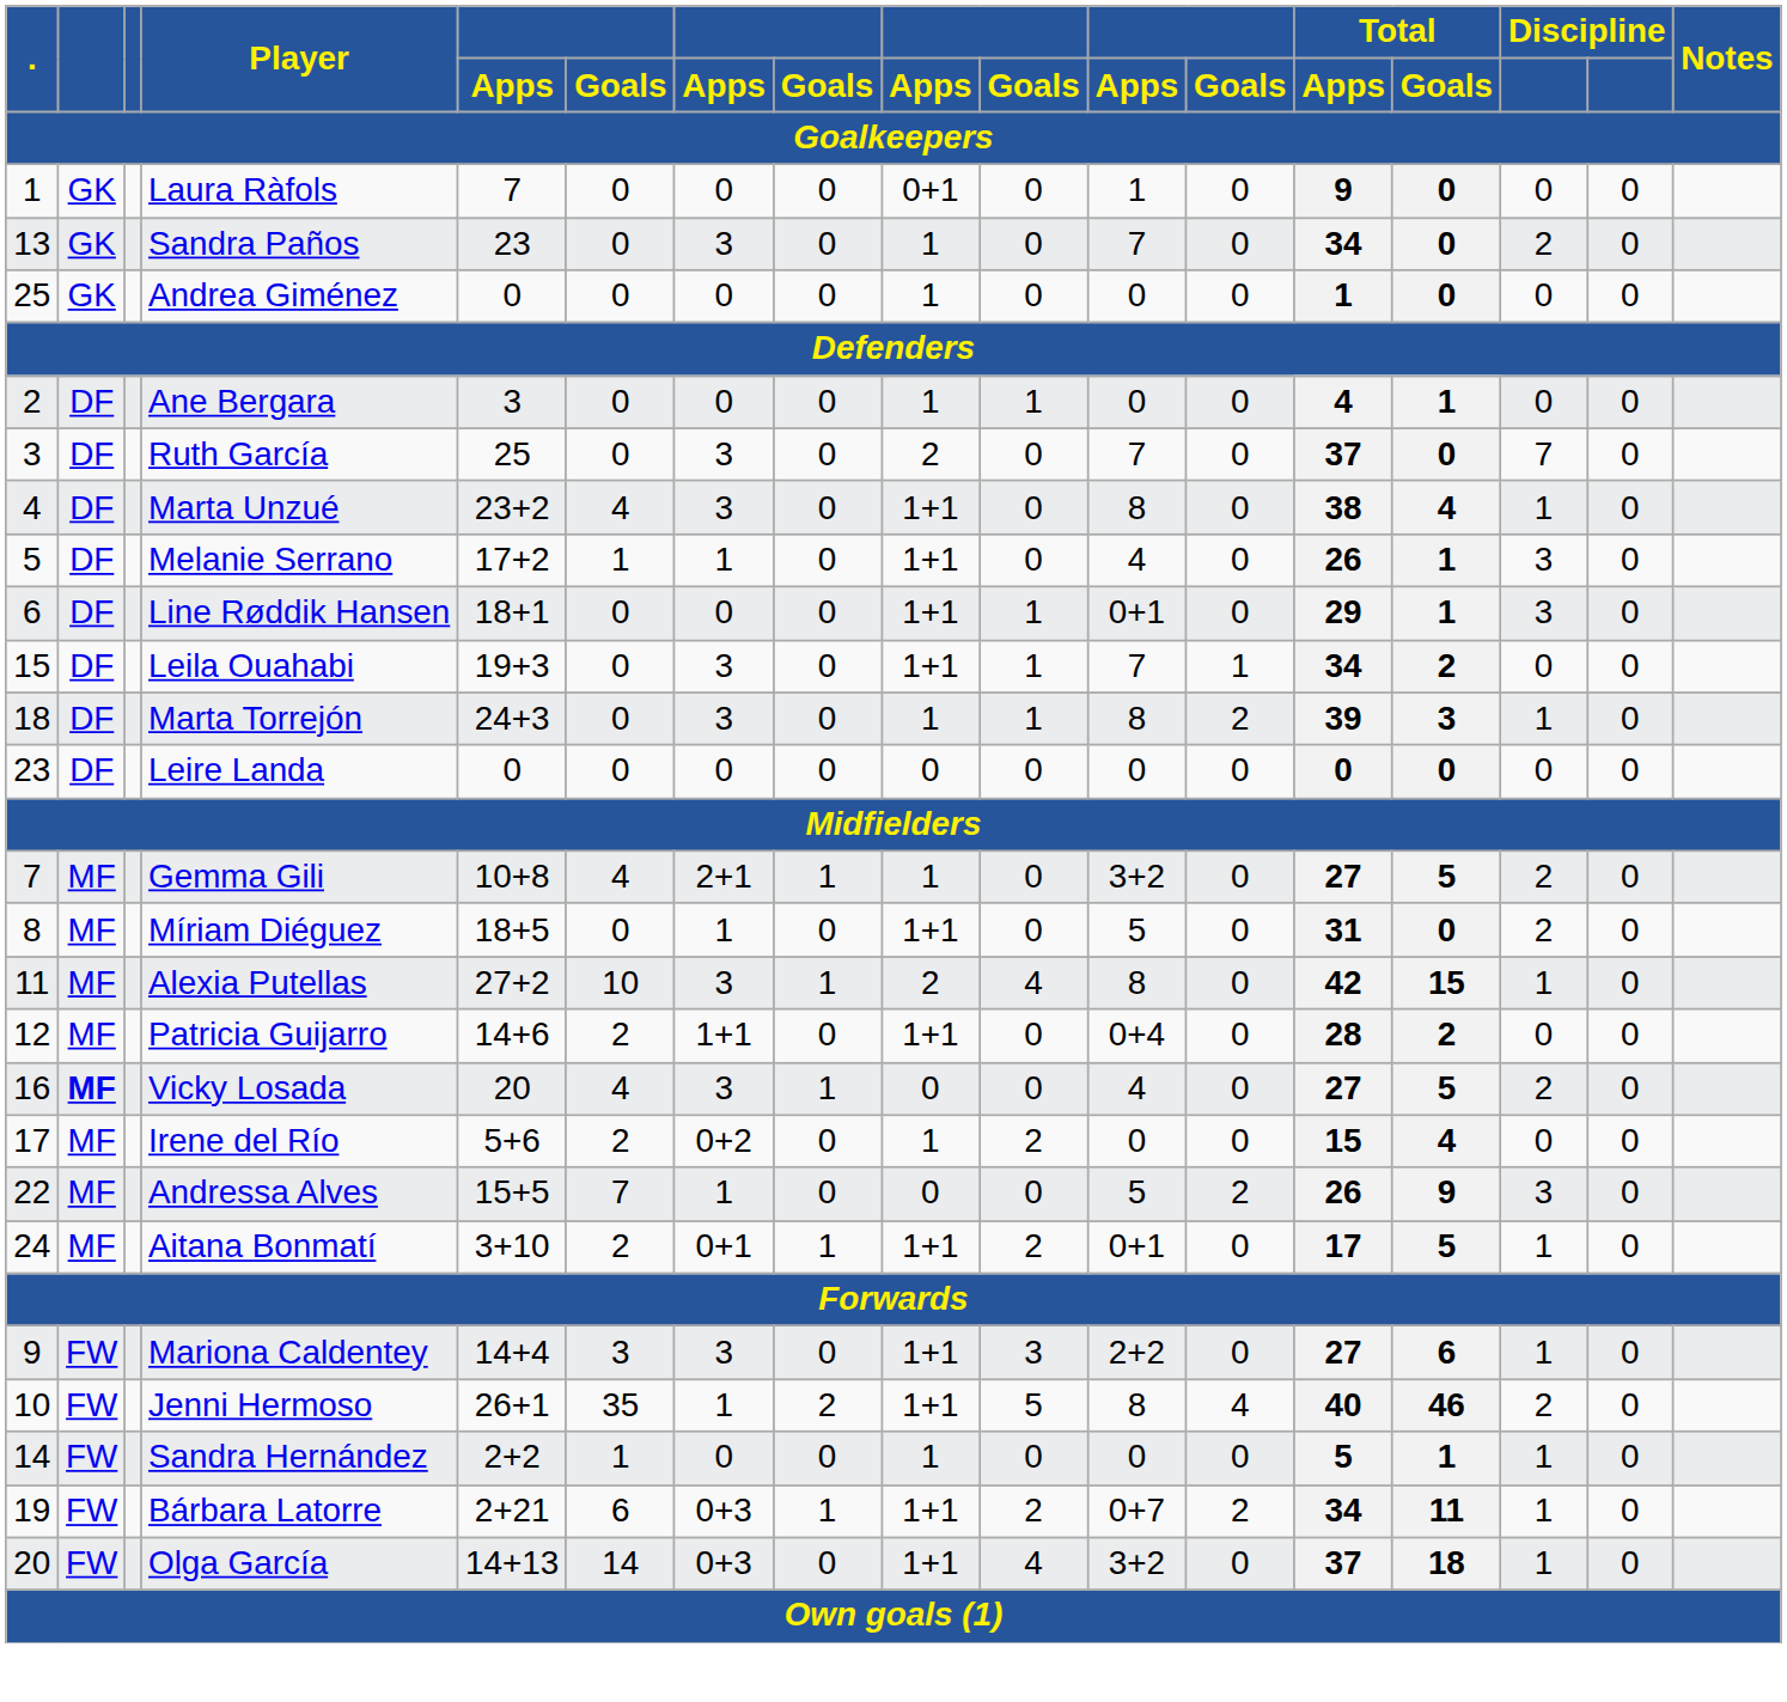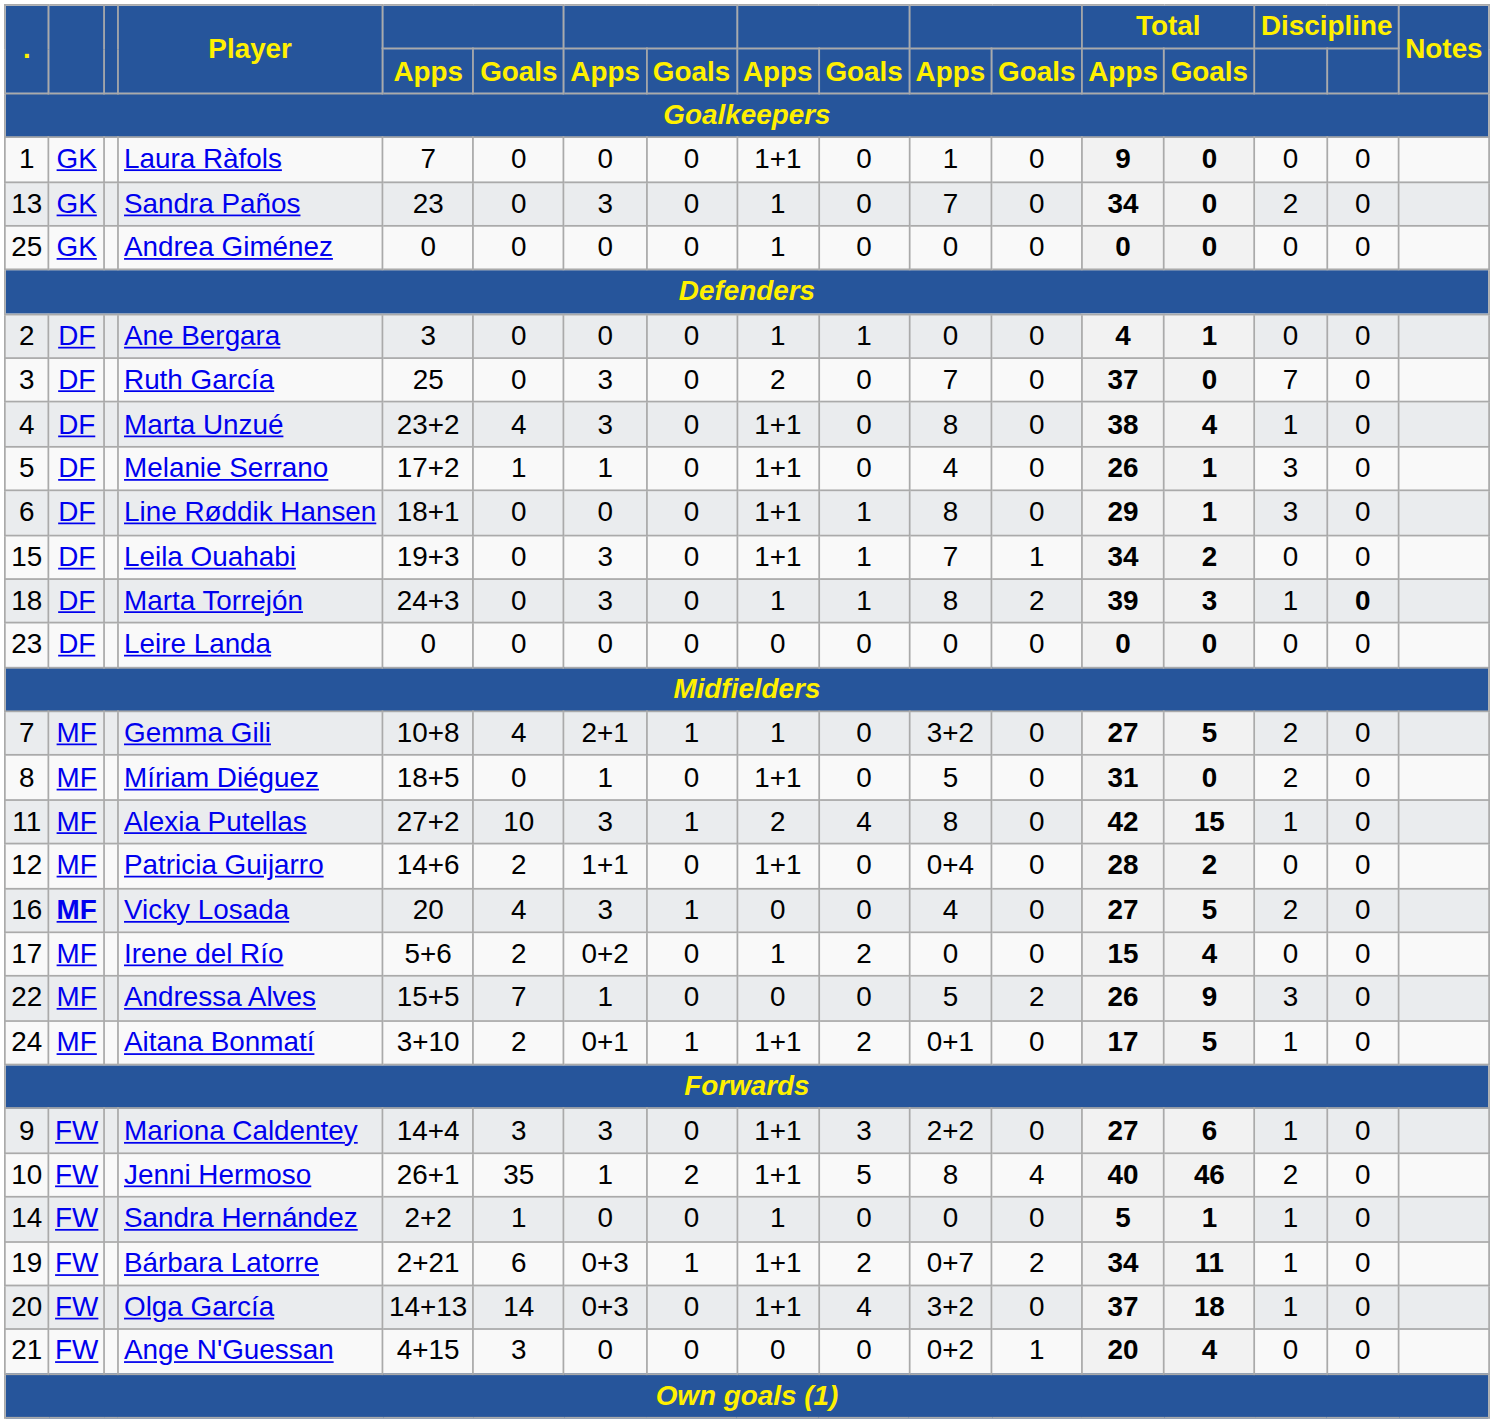 <table class="wikitable sortable alternance" style="text-align:center">
 <tr>
 <th rowspan="2" style="background:#26559B; color:#FFF000; ">.</th>
 <th rowspan="2" style="background:#26559B; color:#FFF000; "></th>
 <th rowspan="2" style="background:#26559B; color:#FFF000; "></th>
 <th rowspan="2" style="background:#26559B; color:#FFF000; ">Player</th>
 <th colspan="2" style="background:#26559B; color:#FFF000; "></th>
 <th colspan="2" style="background:#26559B; color:#FFF000; "></th>
 <th colspan="2" style="background:#26559B; color:#FFF000; "></th>
 <th colspan="2" style="background:#26559B; color:#FFF000; "></th>
 <th colspan="2" style="background:#26559B; color:#FFF000; ">Total</th>
 <th colspan="2" style="background:#26559B; color:#FFF000; ">Discipline</th>
 <th rowspan="2" style="background:#26559B; color:#FFF000; ">Notes</th>
 </tr>
 <tr>
 <th style="background:#26559B; color:#FFF000; ">Apps</th>
 <th style="background:#26559B; color:#FFF000; ">Goals</th>
 <th style="background:#26559B; color:#FFF000; ">Apps</th>
 <th style="background:#26559B; color:#FFF000; ">Goals</th>
 <th style="background:#26559B; color:#FFF000; ">Apps</th>
 <th style="background:#26559B; color:#FFF000; ">Goals</th>
 <th style="background:#26559B; color:#FFF000; ">Apps</th>
 <th style="background:#26559B; color:#FFF000; ">Goals</th>
 <th style="background:#26559B; color:#FFF000; ">Apps</th>
 <th style="background:#26559B; color:#FFF000; ">Goals</th>
 <th style="background:#26559B; color:#FFF000; "></th>
 <th style="background:#26559B; color:#FFF000; "></th>
 </tr>
 <tr>
 <th colspan="17" style="background:#26559B; color:#FFF000; "><em>Goalkeepers</em></th>
 </tr>
 <tr>
 <td>1</td>
 <td><a href='#'>GK</a></td>
 <td></td>
 <td align="left"><a href='#'>Laura Ràfols</a></td>
 <td>7</td>
 <td>0</td>
 <td>0</td>
 <td>0</td>
-<td>0+1</td>
+<td>1+1</td>
 <td>0</td>
 <td>1</td>
 <td>0</td>
 <th>9</th>
 <th><strong>0</strong></th>
 <td>0</td>
 <td>0</td>
 <td></td>
 </tr>
 <tr style="background:#eaecee">
 <td>13</td>
 <td><a href='#'>GK</a></td>
 <td></td>
 <td align="left"><a href='#'>Sandra Paños</a></td>
 <td>23</td>
 <td>0</td>
 <td>3</td>
 <td>0</td>
 <td>1</td>
 <td>0</td>
 <td>7</td>
 <td>0</td>
 <th>34</th>
 <th><strong>0</strong></th>
 <td>2</td>
 <td>0</td>
 <td></td>
 </tr>
 <tr>
 <td>25</td>
 <td><a href='#'>GK</a></td>
 <td></td>
 <td align="left"><a href='#'>Andrea Giménez</a></td>
 <td>0</td>
 <td>0</td>
 <td>0</td>
 <td>0</td>
 <td>1</td>
 <td>0</td>
 <td>0</td>
 <td>0</td>
-<th>1</th>
+<th>0</th>
 <th>0</th>
 <td>0</td>
 <td>0</td>
 <td></td>
 </tr>
 <tr>
 <th colspan="17" style="background:#26559B; color:#FFF000; "><em>Defenders</em></th>
 </tr>
 <tr style="background:#eaecee">
 <td>2</td>
 <td><a href='#'>DF</a></td>
 <td></td>
 <td align="left"><a href='#'>Ane Bergara</a></td>
 <td>3</td>
 <td>0</td>
 <td>0</td>
 <td>0</td>
 <td>1</td>
 <td>1</td>
 <td>0</td>
 <td>0</td>
 <th>4</th>
 <th>1</th>
 <td>0</td>
 <td>0</td>
 <td></td>
 </tr>
 <tr>
 <td>3</td>
 <td><a href='#'>DF</a></td>
 <td></td>
 <td align="left"><a href='#'>Ruth García</a></td>
 <td>25</td>
 <td>0</td>
 <td>3</td>
 <td>0</td>
 <td>2</td>
 <td>0</td>
 <td>7</td>
 <td>0</td>
 <th>37</th>
 <th>0</th>
 <td>7</td>
 <td>0</td>
 <td></td>
 </tr>
 <tr style="background:#eaecee">
 <td>4</td>
 <td><a href='#'>DF</a></td>
 <td></td>
 <td align="left"><a href='#'>Marta Unzué</a></td>
 <td>23+2</td>
 <td>4</td>
 <td>3</td>
 <td>0</td>
 <td>1+1</td>
 <td>0</td>
 <td>8</td>
 <td>0</td>
 <th>38</th>
 <th>4</th>
 <td>1</td>
 <td>0</td>
 <td></td>
 </tr>
 <tr>
 <td>5</td>
 <td><a href='#'>DF</a></td>
 <td></td>
 <td align="left"><a href='#'>Melanie Serrano</a></td>
 <td>17+2</td>
 <td>1</td>
 <td>1</td>
 <td>0</td>
 <td>1+1</td>
 <td>0</td>
 <td>4</td>
 <td>0</td>
 <th>26</th>
 <th>1</th>
 <td>3</td>
 <td>0</td>
 <td></td>
 </tr>
 <tr style="background:#eaecee">
 <td>6</td>
 <td><a href='#'>DF</a></td>
 <td></td>
 <td align="left"><a href='#'>Line Røddik Hansen</a></td>
 <td>18+1</td>
 <td>0</td>
 <td>0</td>
 <td>0</td>
 <td>1+1</td>
 <td>1</td>
-<td>0+1</td>
+<td>8</td>
 <td>0</td>
 <th>29</th>
 <th>1</th>
 <td>3</td>
 <td>0</td>
 <td></td>
 </tr>
 <tr>
 <td>15</td>
 <td><a href='#'>DF</a></td>
 <td></td>
 <td align="left"><a href='#'>Leila Ouahabi</a></td>
 <td>19+3</td>
 <td>0</td>
 <td>3</td>
 <td>0</td>
 <td>1+1</td>
 <td>1</td>
 <td>7</td>
 <td>1</td>
 <th>34</th>
 <th>2</th>
 <td>0</td>
 <td>0</td>
 <td></td>
 </tr>
 <tr style="background:#eaecee">
 <td>18</td>
 <td><a href='#'>DF</a></td>
 <td></td>
 <td align="left"><a href='#'>Marta Torrejón</a></td>
 <td>24+3</td>
 <td>0</td>
 <td>3</td>
 <td>0</td>
 <td>1</td>
 <td>1</td>
 <td>8</td>
 <td>2</td>
 <th>39</th>
 <th>3</th>
 <td>1</td>
-<td>0</td>
+<td><strong>0</strong></td>
 <td></td>
 </tr>
 <tr>
 <td>23</td>
 <td><a href='#'>DF</a></td>
 <td></td>
 <td align="left"><a href='#'>Leire Landa</a></td>
 <td>0</td>
 <td>0</td>
 <td>0</td>
 <td>0</td>
 <td>0</td>
 <td>0</td>
 <td>0</td>
 <td>0</td>
 <th>0</th>
 <th><strong>0</strong></th>
 <td>0</td>
 <td>0</td>
 <td></td>
 </tr>
 <tr>
 <th colspan="17" style="background:#26559B; color:#FFF000; "><em>Midfielders</em></th>
 </tr>
 <tr style="background:#eaecee">
 <td>7</td>
 <td><a href='#'>MF</a></td>
 <td></td>
 <td align="left"><a href='#'>Gemma Gili</a></td>
 <td>10+8</td>
 <td>4</td>
 <td>2+1</td>
 <td>1</td>
 <td>1</td>
 <td>0</td>
 <td>3+2</td>
 <td>0</td>
 <th>27</th>
 <th>5</th>
 <td>2</td>
 <td>0</td>
 <td></td>
 </tr>
 <tr>
 <td>8</td>
 <td><a href='#'>MF</a></td>
 <td></td>
 <td align="left"><a href='#'>Míriam Diéguez</a></td>
 <td>18+5</td>
 <td>0</td>
 <td>1</td>
 <td>0</td>
 <td>1+1</td>
 <td>0</td>
 <td>5</td>
 <td>0</td>
 <th>31</th>
 <th>0</th>
 <td>2</td>
 <td>0</td>
 <td></td>
 </tr>
 <tr style="background:#eaecee">
 <td>11</td>
 <td><a href='#'>MF</a></td>
 <td></td>
 <td align="left"><a href='#'>Alexia Putellas</a></td>
 <td>27+2</td>
 <td>10</td>
 <td>3</td>
 <td>1</td>
 <td>2</td>
 <td>4</td>
 <td>8</td>
 <td>0</td>
 <th>42</th>
 <th>15</th>
 <td>1</td>
 <td>0</td>
 <td></td>
 </tr>
 <tr>
 <td>12</td>
 <td><a href='#'>MF</a></td>
 <td></td>
 <td align="left"><a href='#'>Patricia Guijarro</a></td>
 <td>14+6</td>
 <td>2</td>
 <td>1+1</td>
 <td>0</td>
 <td>1+1</td>
 <td>0</td>
 <td>0+4</td>
 <td>0</td>
 <th>28</th>
 <th>2</th>
 <td>0</td>
 <td>0</td>
 <td></td>
 </tr>
 <tr style="background:#eaecee">
 <td>16</td>
 <td><strong><a href='#'>MF</a></strong></td>
 <td></td>
 <td align="left"><a href='#'>Vicky Losada</a></td>
 <td>20</td>
 <td>4</td>
 <td>3</td>
 <td>1</td>
 <td>0</td>
 <td>0</td>
 <td>4</td>
 <td>0</td>
 <th>27</th>
 <th>5</th>
 <td>2</td>
 <td>0</td>
 <td></td>
 </tr>
 <tr>
 <td>17</td>
 <td><a href='#'>MF</a></td>
 <td></td>
 <td align="left"><a href='#'>Irene del Río</a></td>
 <td>5+6</td>
 <td>2</td>
 <td>0+2</td>
 <td>0</td>
 <td>1</td>
 <td>2</td>
 <td>0</td>
 <td>0</td>
 <th>15</th>
 <th>4</th>
 <td>0</td>
 <td>0</td>
 <td></td>
 </tr>
 <tr style="background:#eaecee">
 <td>22</td>
 <td><a href='#'>MF</a></td>
 <td></td>
 <td align="left"><a href='#'>Andressa Alves</a></td>
 <td>15+5</td>
 <td>7</td>
 <td>1</td>
 <td>0</td>
 <td>0</td>
 <td>0</td>
 <td>5</td>
 <td>2</td>
 <th>26</th>
 <th>9</th>
 <td>3</td>
 <td>0</td>
 <td></td>
 </tr>
 <tr>
 <td>24</td>
 <td><a href='#'>MF</a></td>
 <td></td>
 <td align="left"><a href='#'>Aitana Bonmatí</a></td>
 <td>3+10</td>
 <td>2</td>
 <td>0+1</td>
 <td>1</td>
 <td>1+1</td>
 <td>2</td>
 <td>0+1</td>
 <td>0</td>
 <th>17</th>
 <th>5</th>
 <td>1</td>
 <td>0</td>
 <td></td>
 </tr>
 <tr>
 <th colspan="17" style="background:#26559B; color:#FFF000; "><em>Forwards</em></th>
 </tr>
 <tr style="background:#eaecee">
 <td>9</td>
 <td><a href='#'>FW</a></td>
 <td></td>
 <td align="left"><a href='#'>Mariona Caldentey</a></td>
 <td>14+4</td>
 <td>3</td>
 <td>3</td>
 <td>0</td>
 <td>1+1</td>
 <td>3</td>
 <td>2+2</td>
 <td>0</td>
 <th>27</th>
 <th>6</th>
 <td>1</td>
 <td>0</td>
 <td></td>
 </tr>
 <tr>
 <td>10</td>
 <td><a href='#'>FW</a></td>
 <td></td>
 <td align="left"><a href='#'>Jenni Hermoso</a></td>
 <td>26+1</td>
 <td>35</td>
 <td>1</td>
 <td>2</td>
 <td>1+1</td>
 <td>5</td>
 <td>8</td>
 <td>4</td>
 <th>40</th>
 <th>46</th>
 <td>2</td>
 <td>0</td>
 <td></td>
 </tr>
 <tr style="background:#eaecee">
 <td>14</td>
 <td><a href='#'>FW</a></td>
 <td></td>
 <td align="left"><a href='#'>Sandra Hernández</a></td>
 <td>2+2</td>
 <td>1</td>
 <td>0</td>
 <td>0</td>
 <td>1</td>
 <td>0</td>
 <td>0</td>
 <td>0</td>
 <th>5</th>
 <th>1</th>
 <td>1</td>
 <td>0</td>
 <td></td>
 </tr>
 <tr>
 <td>19</td>
 <td><a href='#'>FW</a></td>
 <td></td>
 <td align="left"><a href='#'>Bárbara Latorre</a></td>
 <td>2+21</td>
 <td>6</td>
 <td>0+3</td>
 <td>1</td>
 <td>1+1</td>
 <td>2</td>
 <td>0+7</td>
 <td>2</td>
 <th>34</th>
 <th>11</th>
 <td>1</td>
 <td>0</td>
 <td></td>
 </tr>
 <tr style="background:#eaecee">
 <td>20</td>
 <td><a href='#'>FW</a></td>
 <td></td>
 <td align="left"><a href='#'>Olga García</a></td>
 <td>14+13</td>
 <td>14</td>
 <td>0+3</td>
 <td>0</td>
 <td>1+1</td>
 <td>4</td>
 <td>3+2</td>
 <td>0</td>
 <th>37</th>
 <th>18</th>
 <td>1</td>
 <td>0</td>
 <td></td>
 </tr>
 <tr>
+<td>21</td>
+<td><a href='#'>FW</a></td>
+<td></td>
+<td align="left"><a href='#'>Ange N'Guessan</a></td>
+<td>4+15</td>
+<td>3</td>
+<td>0</td>
+<td>0</td>
+<td>0</td>
+<td>0</td>
+<td>0+2</td>
+<td>1</td>
+<th>20</th>
+<th>4</th>
+<td>0</td>
+<td>0</td>
+<td></td>
+</tr>
+<tr>
 <th colspan="17" style="background:#26559B; color:#FFF000; "><em>Own goals (1)</em></th>
 </tr>
 </table>
